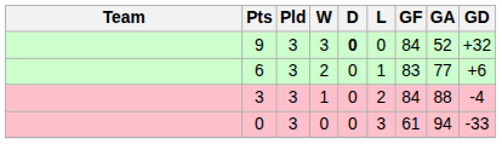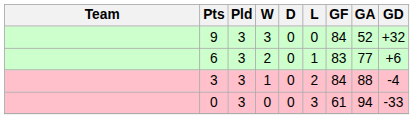 <table class=wikitable style="text-align:center">
 <tr>
 <th width=220>Team</th>
 <th width=20>Pts</th>
 <th width=20>Pld</th>
 <th width=20>W</th>
 <th width=20>D</th>
 <th width=20>L</th>
 <th width=20>GF</th>
 <th width=20>GA</th>
 <th width=20>GD</th>
 </tr>
 <tr bgcolor=ccffcc>
 <td align=left></td>
 <td>9</td>
 <td>3</td>
 <td>3</td>
-<td><strong>0</strong></td>
+<td>0</td>
 <td>0</td>
 <td>84</td>
 <td>52</td>
 <td>+32</td>
 </tr>
 <tr bgcolor=ccffcc>
 <td align=left></td>
 <td>6</td>
 <td>3</td>
 <td>2</td>
 <td>0</td>
 <td>1</td>
 <td>83</td>
 <td>77</td>
 <td>+6</td>
 </tr>
 <tr bgcolor=pink>
 <td align=left></td>
 <td>3</td>
 <td>3</td>
 <td>1</td>
 <td>0</td>
 <td>2</td>
 <td>84</td>
 <td>88</td>
 <td>-4</td>
 </tr>
 <tr bgcolor=pink>
 <td align=left></td>
 <td>0</td>
 <td>3</td>
 <td>0</td>
 <td>0</td>
 <td>3</td>
 <td>61</td>
 <td>94</td>
 <td>-33</td>
 </tr>
 <tr>
 </tr>
 </table>
